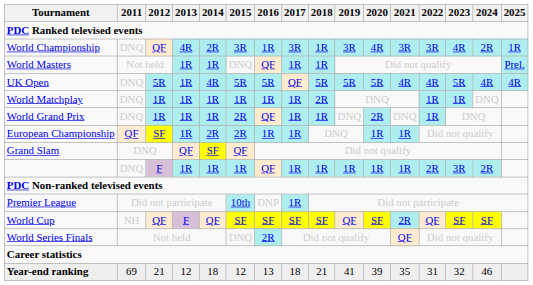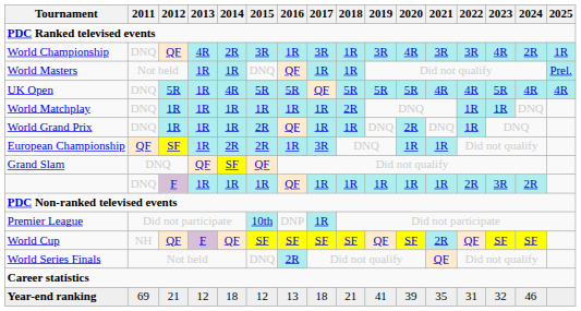 <table class=wikitable style=text-align:center;>
 <tr>
 <th>Tournament</th>
 <th>2011</th>
 <th>2012</th>
 <th>2013</th>
 <th>2014</th>
 <th>2015</th>
 <th>2016</th>
 <th>2017</th>
 <th>2018</th>
 <th>2019</th>
 <th>2020</th>
 <th>2021</th>
 <th>2022</th>
 <th>2023</th>
 <th>2024</th>
 <th>2025</th>
 </tr>
 <tr>
 <td colspan="26" align="left"><strong><a href='#'>PDC</a> Ranked televised events</strong></td>
 </tr>
 <tr>
 <td align=left><a href='#'>World Championship</a></td>
 <td style="text-align:center; color:#ccc;">DNQ</td>
 <td style="text-align:center; background:#ffebcd;"><a href='#'>QF</a></td>
 <td style="text-align:center; background:#afeeee;"><a href='#'>4R</a></td>
 <td style="text-align:center; background:#afeeee;"><a href='#'>2R</a></td>
 <td style="text-align:center; background:#afeeee;"><a href='#'>3R</a></td>
 <td style="text-align:center; background:#afeeee;"><a href='#'>1R</a></td>
 <td style="text-align:center; background:#afeeee;"><a href='#'>3R</a></td>
 <td style="text-align:center; background:#afeeee;"><a href='#'>1R</a></td>
 <td style="text-align:center; background:#afeeee;"><a href='#'>3R</a></td>
 <td style="text-align:center; background:#afeeee;"><a href='#'>4R</a></td>
 <td style="text-align:center; background:#afeeee;"><a href='#'>3R</a></td>
 <td style="text-align:center; background:#afeeee;"><a href='#'>3R</a></td>
 <td style="text-align:center; background:#afeeee;"><a href='#'>4R</a></td>
 <td style="text-align:center; background:#afeeee;"><a href='#'>2R</a></td>
 <td style="text-align:center; background:#afeeee;"><a href='#'>1R</a></td>
 </tr>
 <tr>
 <td align=left><a href='#'>World Masters</a></td>
 <td colspan="2" style="text-align:center; color:#ccc;">Not held</td>
 <td style="text-align:center; background:#afeeee;"><a href='#'>1R</a></td>
 <td style="text-align:center; background:#afeeee;"><a href='#'>1R</a></td>
 <td style="text-align:center; color:#ccc;">DNQ</td>
 <td style="text-align:center; background:#ffebcd;"><a href='#'>QF</a></td>
 <td style="text-align:center; background:#afeeee;"><a href='#'>1R</a></td>
 <td style="text-align:center; background:#afeeee;"><a href='#'>1R</a></td>
 <td colspan="6" style="text-align:center; color:#ccc;">Did not qualify</td>
 <td style="text-align:center; background:#afeeee;"><a href='#'>Prel.</a></td>
 </tr>
 <tr>
 <td align=left><a href='#'>UK Open</a></td>
 <td style="text-align:center; color:#ccc;">DNQ</td>
 <td style="text-align:center; background:#afeeee;"><a href='#'>5R</a></td>
 <td style="text-align:center; background:#afeeee;"><a href='#'>1R</a></td>
 <td style="text-align:center; background:#afeeee;"><a href='#'>4R</a></td>
 <td style="text-align:center; background:#afeeee;"><a href='#'>5R</a></td>
 <td style="text-align:center; background:#afeeee;"><a href='#'>5R</a></td>
 <td style="text-align:center; background:#ffebcd;"><a href='#'>QF</a></td>
 <td style="text-align:center; background:#afeeee;"><a href='#'>5R</a></td>
 <td style="text-align:center; background:#afeeee;"><a href='#'>5R</a></td>
 <td style="text-align:center; background:#afeeee;"><a href='#'>5R</a></td>
 <td style="text-align:center; background:#afeeee;"><a href='#'>4R</a></td>
 <td style="text-align:center; background:#afeeee;"><a href='#'>4R</a></td>
 <td style="text-align:center; background:#afeeee;"><a href='#'>5R</a></td>
 <td style="text-align:center; background:#afeeee;"><a href='#'>4R</a></td>
 <td style="text-align:center; background:#afeeee;"><a href='#'>4R</a></td>
 </tr>
 <tr>
 <td align=left><a href='#'>World Matchplay</a></td>
 <td style="text-align:center; color:#ccc;">DNQ</td>
 <td style="text-align:center; background:#afeeee;"><a href='#'>1R</a></td>
 <td style="text-align:center; background:#afeeee;"><a href='#'>1R</a></td>
 <td style="text-align:center; background:#afeeee;"><a href='#'>1R</a></td>
 <td style="text-align:center; background:#afeeee;"><a href='#'>1R</a></td>
 <td style="text-align:center; background:#afeeee;"><a href='#'>1R</a></td>
 <td style="text-align:center; background:#afeeee;"><a href='#'>1R</a></td>
 <td style="text-align:center; background:#afeeee;"><a href='#'>2R</a></td>
 <td colspan="3" style="text-align:center; color:#ccc;">DNQ</td>
 <td style="text-align:center; background:#afeeee;"><a href='#'>1R</a></td>
 <td style="text-align:center; background:#afeeee;"><a href='#'>1R</a></td>
 <td style="color:#ccc; text-align:center; color:#ccc;">DNQ</td>
 <td></td>
 </tr>
 <tr>
 <td align=left><a href='#'>World Grand Prix</a></td>
 <td style="text-align:center; color:#ccc;">DNQ</td>
 <td style="text-align:center; background:#afeeee;"><a href='#'>1R</a></td>
 <td style="text-align:center; background:#afeeee;"><a href='#'>1R</a></td>
 <td style="text-align:center; background:#afeeee;"><a href='#'>1R</a></td>
 <td style="text-align:center; background:#afeeee;"><a href='#'>2R</a></td>
 <td style="text-align:center; background:#ffebcd;"><a href='#'>QF</a></td>
 <td style="text-align:center; background:#afeeee;"><a href='#'>1R</a></td>
 <td style="text-align:center; background:#afeeee;"><a href='#'>1R</a></td>
 <td style="text-align:center; color:#ccc;">DNQ</td>
 <td style="text-align:center; background:#afeeee;"><a href='#'>2R</a></td>
 <td style="text-align:center; color:#ccc;">DNQ</td>
 <td style="text-align:center; background:#afeeee;"><a href='#'>1R</a></td>
 <td colspan="2" style="text-align:center; color:#ccc;">DNQ</td>
 <td></td>
 </tr>
 <tr>
 <td align=left><a href='#'>European Championship</a></td>
 <td style="text-align:center; background:#ffebcd;"><a href='#'>QF</a></td>
 <td style="text-align:center; background:yellow;"><a href='#'>SF</a></td>
 <td style="text-align:center; background:#afeeee;"><a href='#'>1R</a></td>
 <td style="text-align:center; background:#afeeee;"><a href='#'>2R</a></td>
 <td style="text-align:center; background:#afeeee;"><a href='#'>2R</a></td>
 <td style="text-align:center; background:#afeeee;"><a href='#'>1R</a></td>
-<td style="text-align:center; background:#afeeee;"><a href='#'>1R</a></td>
+<td style="text-align:center; background:#afeeee;"><a href='#'>3R</a></td>
 <td colspan="2" style="text-align:center; color:#ccc;">DNQ</td>
 <td style="text-align:center; background:#afeeee;"><a href='#'>1R</a></td>
 <td style="text-align:center; background:#afeeee;"><a href='#'>1R</a></td>
 <td colspan="3" style="text-align:center; color:#ccc;">Did not qualify</td>
 <td></td>
 </tr>
 <tr>
 <td align=left><a href='#'>Grand Slam</a></td>
 <td colspan="2" style="text-align:center; color:#ccc;">DNQ</td>
 <td style="text-align:center; background:#ffebcd;"><a href='#'>QF</a></td>
 <td style="text-align:center; background:yellow;"><a href='#'>SF</a></td>
 <td style="text-align:center; background:#ffebcd;"><a href='#'>QF</a></td>
 <td colspan="9" style="text-align:center; color:#ccc;">Did not qualify</td>
 <td></td>
 </tr>
 <tr>
 <td align=left></td>
 <td style="text-align:center; color:#ccc;">DNQ</td>
 <td style="text-align:center; background:thistle;"><a href='#'>F</a></td>
 <td style="text-align:center; background:#afeeee;"><a href='#'>1R</a></td>
 <td style="text-align:center; background:#afeeee;"><a href='#'>1R</a></td>
 <td style="text-align:center; background:#afeeee;"><a href='#'>1R</a></td>
 <td style="text-align:center; background:#ffebcd;"><a href='#'>QF</a></td>
 <td style="text-align:center; background:#afeeee;"><a href='#'>1R</a></td>
 <td style="text-align:center; background:#afeeee;"><a href='#'>1R</a></td>
 <td style="text-align:center; background:#afeeee;"><a href='#'>1R</a></td>
 <td style="text-align:center; background:#afeeee;"><a href='#'>1R</a></td>
 <td style="text-align:center; background:#afeeee;"><a href='#'>1R</a></td>
 <td style="text-align:center; background:#afeeee;"><a href='#'>2R</a></td>
 <td style="text-align:center; background:#afeeee;"><a href='#'>3R</a></td>
 <td style="text-align:center; background:#afeeee;"><a href='#'>2R</a></td>
 <td></td>
 </tr>
 <tr>
 <td colspan="26" align="left"><strong><a href='#'>PDC</a> Non-ranked televised events</strong></td>
 </tr>
 <tr>
 <td align=left><a href='#'>Premier League</a></td>
 <td colspan="4" style="text-align:center; color:#ccc;">Did not participate</td>
 <td style="text-align:center; background:#afeeee;"><a href='#'>10th</a></td>
 <td style="text-align:center; color:#ccc;">DNP</td>
 <td style="text-align:center; background:#afeeee;"><a href='#'>1R</a></td>
 <td colspan="8" style="text-align:center; color:#ccc;">Did not participate</td>
 </tr>
 <tr>
 <td align=left><a href='#'>World Cup</a></td>
 <td style="text-align:center; color:#ccc;">NH</td>
 <td style="text-align:center; background:#ffebcd;"><a href='#'>QF</a></td>
 <td style="text-align:center; background:thistle;"><a href='#'>F</a></td>
 <td style="text-align:center; background:#ffebcd;"><a href='#'>QF</a></td>
 <td style="text-align:center; background:yellow;"><a href='#'>SF</a></td>
 <td style="text-align:center; background:yellow;"><a href='#'>SF</a></td>
 <td style="text-align:center; background:yellow;"><a href='#'>SF</a></td>
 <td style="text-align:center; background:yellow;"><a href='#'>SF</a></td>
 <td style="text-align:center; background:#ffebcd;"><a href='#'>QF</a></td>
 <td style="text-align:center; background:yellow;"><a href='#'>SF</a></td>
 <td style="text-align:center; background:#afeeee;"><a href='#'>2R</a></td>
 <td style="text-align:center; background:#ffebcd;"><a href='#'>QF</a></td>
 <td style="text-align:center; background:yellow;"><a href='#'>SF</a></td>
 <td style="text-align:center; background:yellow;"><a href='#'>SF</a></td>
 <td></td>
 </tr>
 <tr>
 <td align=left><a href='#'>World Series Finals</a></td>
 <td colspan="4" style="text-align:center; color:#ccc;">Not held</td>
 <td style="text-align:center; color:#ccc;">DNQ</td>
 <td style="text-align:center; background:#afeeee;"><a href='#'>2R</a></td>
 <td colspan="4" style="text-align:center; color:#ccc;">Did not qualify</td>
 <td style="text-align:center; background:#ffebcd;"><a href='#'>QF</a></td>
 <td colspan="3" style="text-align:center; color:#ccc;">Did not qualify</td>
 <td></td>
 </tr>
 <tr>
 <td colspan="26" align="left"><strong>Career statistics</strong></td>
 </tr>
 <tr bgcolor="efefef">
 <td align="left"><strong>Year-end ranking</strong></td>
 <td style="text-align:center;">69</td>
 <td style="text-align:center;">21</td>
 <td style="text-align:center;">12</td>
 <td style="text-align:center;">18</td>
 <td style="text-align:center;">12</td>
 <td style="text-align:center;">13</td>
 <td style="text-align:center;">18</td>
 <td style="text-align:center;">21</td>
 <td style="text-align:center;">41</td>
 <td style="text-align:center;">39</td>
 <td style="text-align:center;">35</td>
 <td style="text-align:center;">31</td>
 <td style="text-align:center;">32</td>
 <td style="text-align:center;">46</td>
 <td></td>
 </tr>
 </table>
